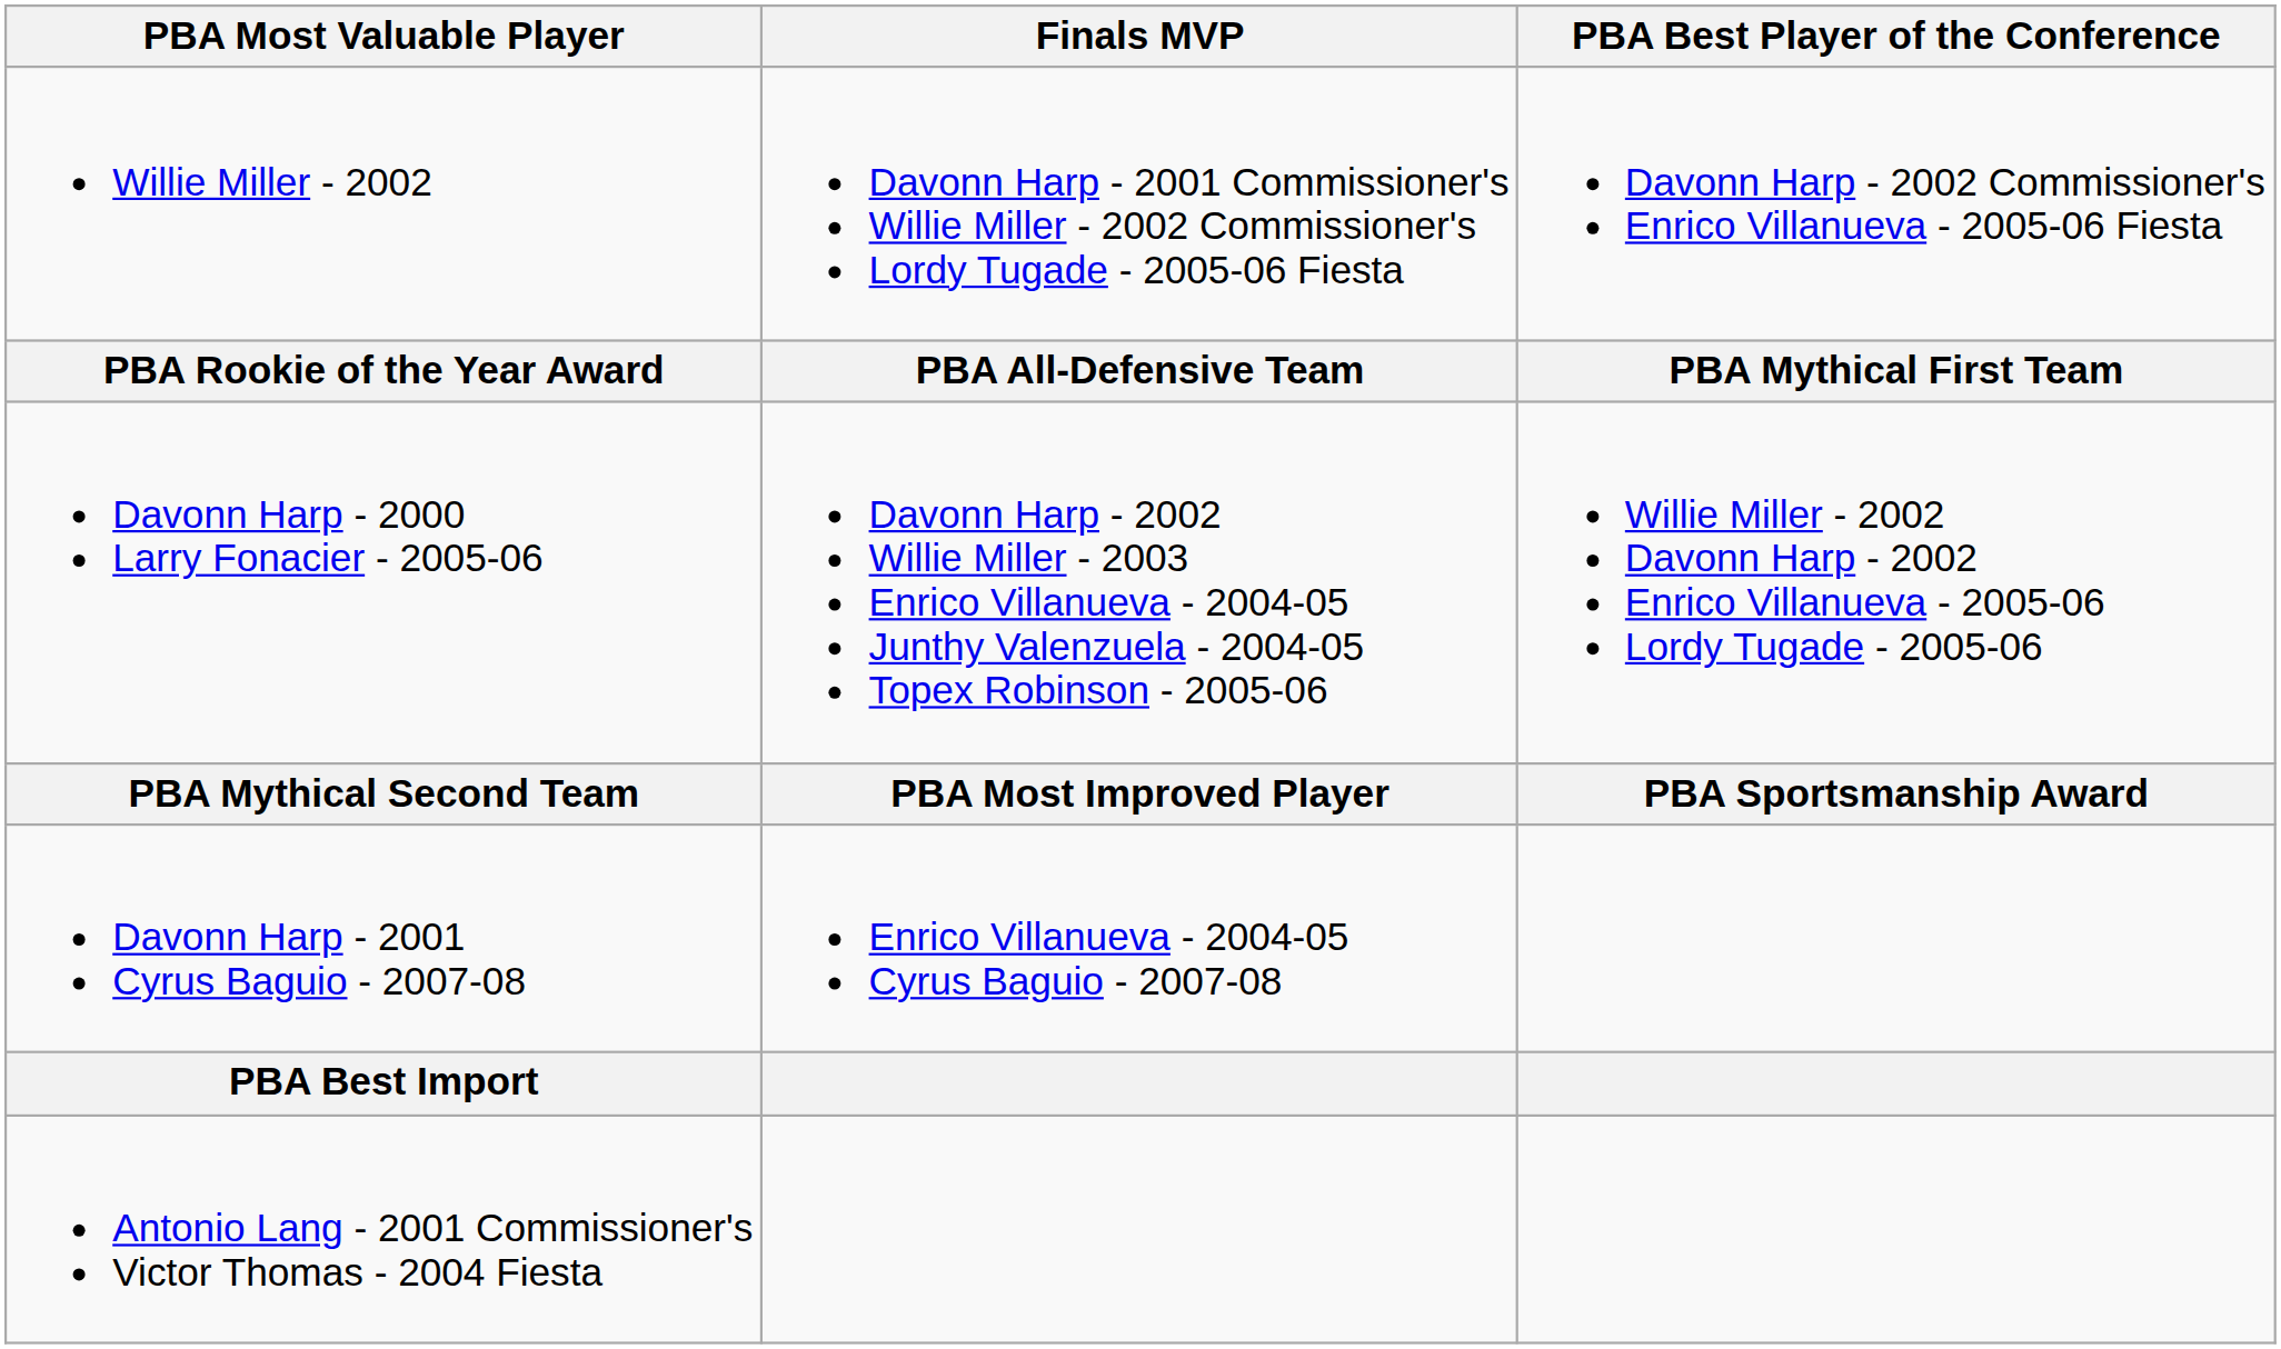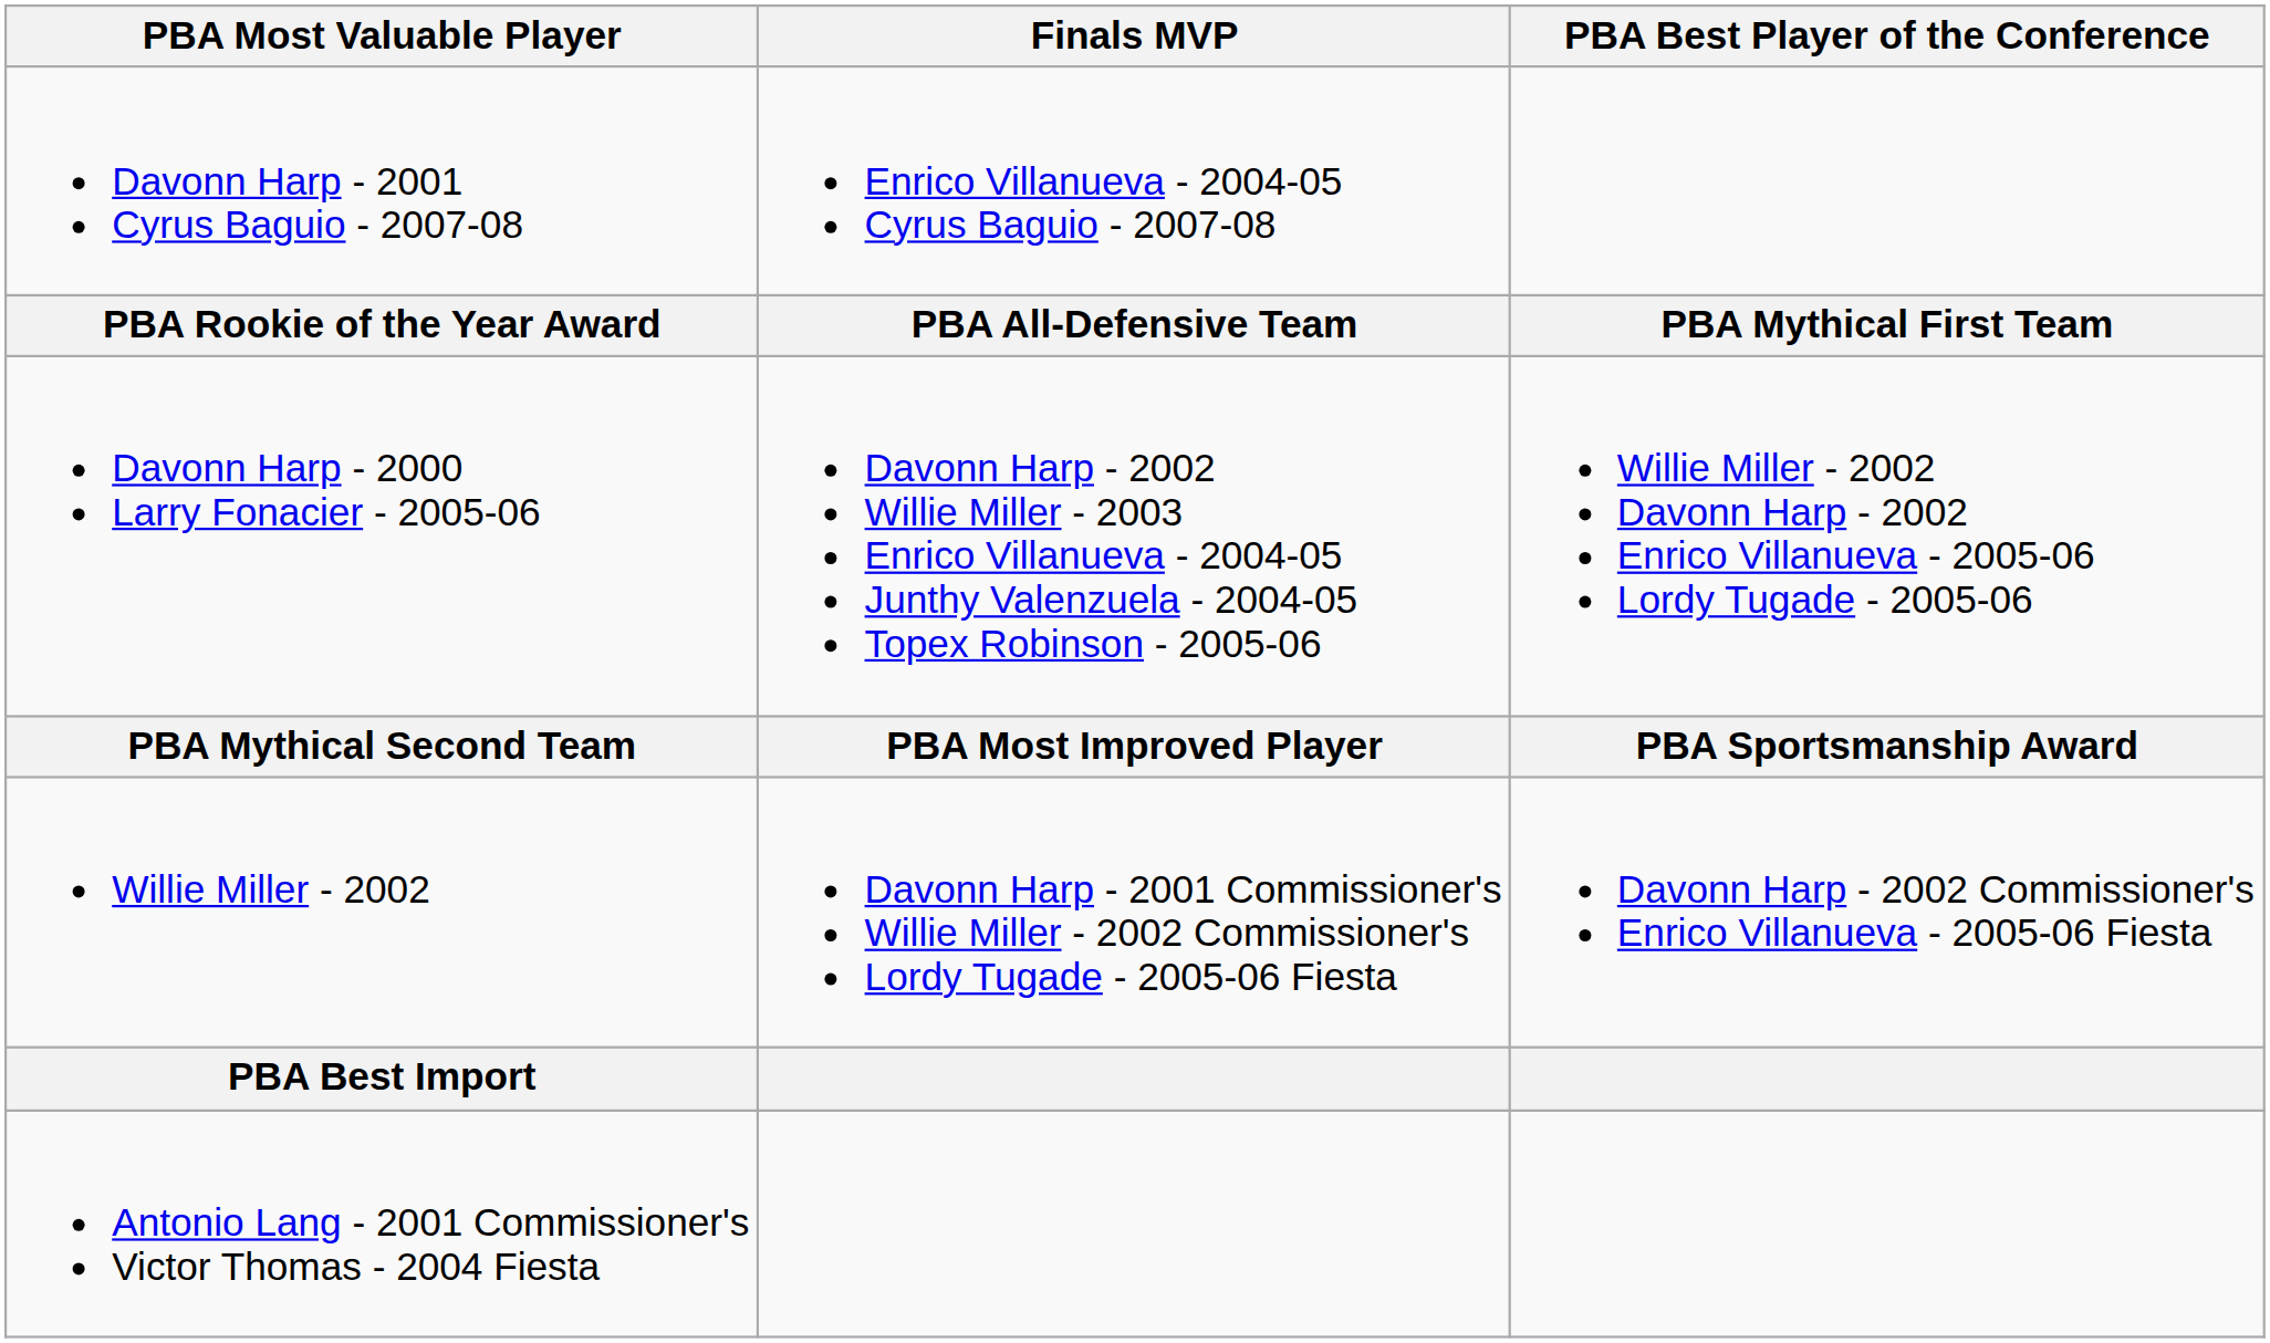 <table class=wikitable>
 <tr>
 <th>PBA Most Valuable Player</th>
 <th>Finals MVP</th>
 <th>PBA Best Player of the Conference</th>
 </tr>
 <tr>
-<td valign="top"><br><ul><li><a href='#'>Willie Miller</a> - 2002</li></ul></td>
-<td valign="top"><br><ul><li><a href='#'>Davonn Harp</a> - 2001 Commissioner's</li><li><a href='#'>Willie Miller</a> - 2002 Commissioner's</li><li><a href='#'>Lordy Tugade</a> - 2005-06 Fiesta</li></ul></td>
-<td valign="top"><br><ul><li><a href='#'>Davonn Harp</a> - 2002 Commissioner's</li><li><a href='#'>Enrico Villanueva</a> - 2005-06 Fiesta</li></ul></td>
+<td valign="top"><br><ul><li><a href='#'>Davonn Harp</a> - 2001</li><li><a href='#'>Cyrus Baguio</a> - 2007-08</li></ul></td>
+<td valign="top"><br><ul><li><a href='#'>Enrico Villanueva</a> - 2004-05</li><li><a href='#'>Cyrus Baguio</a> - 2007-08</li></ul></td>
+<td valign="top"></td>
 </tr>
 <tr>
 <th>PBA Rookie of the Year Award</th>
 <th>PBA All-Defensive Team</th>
 <th>PBA Mythical First Team</th>
 </tr>
 <tr>
 <td valign="top"><br><ul><li><a href='#'>Davonn Harp</a> - 2000</li><li><a href='#'>Larry Fonacier</a> - 2005-06</li></ul></td>
 <td valign="top"><br><ul><li><a href='#'>Davonn Harp</a> - 2002</li><li><a href='#'>Willie Miller</a> - 2003</li><li><a href='#'>Enrico Villanueva</a> - 2004-05</li><li><a href='#'>Junthy Valenzuela</a> - 2004-05</li><li><a href='#'>Topex Robinson</a> - 2005-06</li></ul></td>
 <td valign="top"><br><ul><li><a href='#'>Willie Miller</a> - 2002</li><li><a href='#'>Davonn Harp</a> - 2002</li><li><a href='#'>Enrico Villanueva</a> - 2005-06</li><li><a href='#'>Lordy Tugade</a> - 2005-06</li></ul></td>
 </tr>
 <tr>
 <th>PBA Mythical Second Team</th>
 <th>PBA Most Improved Player</th>
 <th>PBA Sportsmanship Award</th>
 </tr>
 <tr>
-<td valign="top"><br><ul><li><a href='#'>Davonn Harp</a> - 2001</li><li><a href='#'>Cyrus Baguio</a> - 2007-08</li></ul></td>
-<td valign="top"><br><ul><li><a href='#'>Enrico Villanueva</a> - 2004-05</li><li><a href='#'>Cyrus Baguio</a> - 2007-08</li></ul></td>
-<td valign="top"></td>
+<td valign="top"><br><ul><li><a href='#'>Willie Miller</a> - 2002</li></ul></td>
+<td valign="top"><br><ul><li><a href='#'>Davonn Harp</a> - 2001 Commissioner's</li><li><a href='#'>Willie Miller</a> - 2002 Commissioner's</li><li><a href='#'>Lordy Tugade</a> - 2005-06 Fiesta</li></ul></td>
+<td valign="top"><br><ul><li><a href='#'>Davonn Harp</a> - 2002 Commissioner's</li><li><a href='#'>Enrico Villanueva</a> - 2005-06 Fiesta</li></ul></td>
 </tr>
 <tr>
 <th>PBA Best Import</th>
 <th></th>
 <th></th>
 </tr>
 <tr>
 <td valign="top"><br><ul><li><a href='#'>Antonio Lang</a> - 2001 Commissioner's</li><li>Victor Thomas - 2004 Fiesta</li></ul></td>
 <td valign="top"></td>
 <td valign="top"></td>
 </tr>
 </table>
